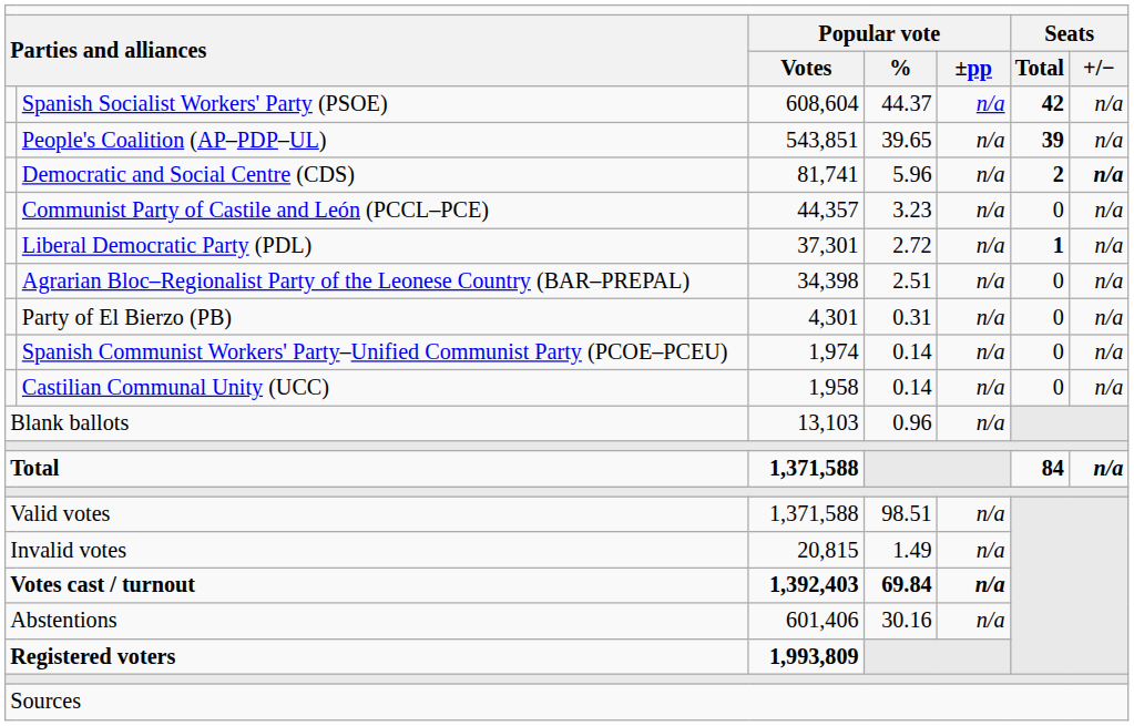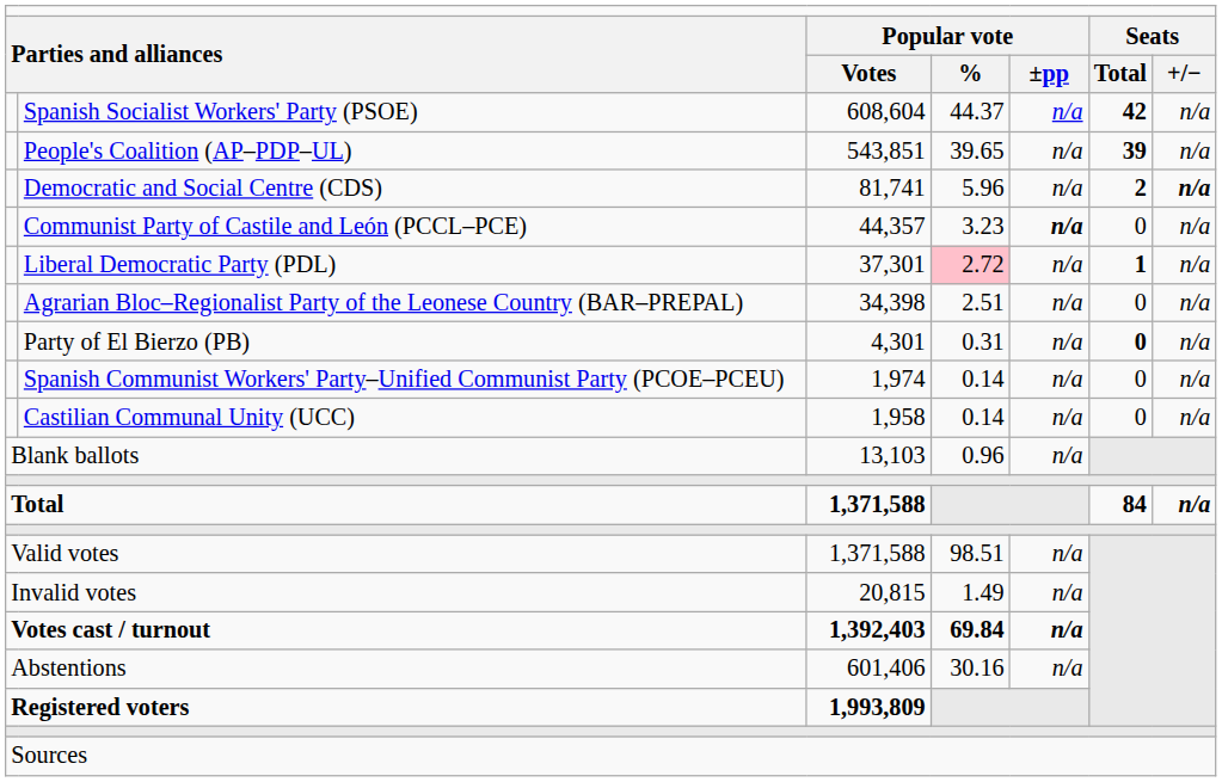 <table class="wikitable" style="text-align:right;">
 <tr>
 <td colspan="7"></td>
 </tr>
 <tr>
 <th style="text-align:left;" rowspan="2" colspan="2" width="525">Parties and alliances</th>
 <th colspan="3">Popular vote</th>
 <th colspan="2">Seats</th>
 </tr>
 <tr>
 <th width="75">Votes</th>
 <th width="45">%</th>
 <th width="45">±<a href='#'>pp</a></th>
 <th width="35">Total</th>
 <th width="35">+/−</th>
 </tr>
 <tr>
 <td width="1" style="color:inherit;background:"></td>
 <td align="left"><a href='#'>Spanish Socialist Workers' Party</a> (PSOE)</td>
 <td>608,604</td>
 <td>44.37</td>
 <td><em><a href='#'>n/a</a></em></td>
 <td><strong>42</strong></td>
 <td><em>n/a</em></td>
 </tr>
 <tr>
 <td style="color:inherit;background:"></td>
 <td align="left"><a href='#'>People's Coalition</a> (<a href='#'>AP</a>–<a href='#'>PDP</a>–<a href='#'>UL</a>)</td>
 <td>543,851</td>
 <td>39.65</td>
 <td><em>n/a</em></td>
 <td><strong>39</strong></td>
 <td><em>n/a</em></td>
 </tr>
 <tr>
 <td style="color:inherit;background:"></td>
 <td align="left"><a href='#'>Democratic and Social Centre</a> (CDS)</td>
 <td>81,741</td>
 <td>5.96</td>
 <td><em>n/a</em></td>
 <td><strong>2</strong></td>
 <td><strong><em>n/a</em></strong></td>
 </tr>
 <tr>
 <td style="color:inherit;background:"></td>
 <td align="left"><a href='#'>Communist Party of Castile and León</a> (PCCL–PCE)</td>
 <td>44,357</td>
 <td>3.23</td>
-<td><em>n/a</em></td>
+<td><strong><em>n/a</em></strong></td>
 <td>0</td>
 <td><em>n/a</em></td>
 </tr>
 <tr>
 <td style="color:inherit;background:"></td>
 <td align="left"><a href='#'>Liberal Democratic Party</a> (PDL)</td>
 <td>37,301</td>
-<td>2.72</td>
+<td style="background: pink;">2.72</td>
 <td><em>n/a</em></td>
 <td><strong>1</strong></td>
 <td><em>n/a</em></td>
 </tr>
 <tr>
 <td style="color:inherit;background:"></td>
 <td align="left"><a href='#'>Agrarian Bloc–Regionalist Party of the Leonese Country</a> (BAR–PREPAL)</td>
 <td>34,398</td>
 <td>2.51</td>
 <td><em>n/a</em></td>
 <td>0</td>
 <td><em>n/a</em></td>
 </tr>
 <tr>
 <td style="color:inherit;background:"></td>
 <td align="left">Party of El Bierzo (PB)</td>
 <td>4,301</td>
 <td>0.31</td>
 <td><em>n/a</em></td>
-<td>0</td>
+<td><strong>0</strong></td>
 <td><em>n/a</em></td>
 </tr>
 <tr>
 <td style="color:inherit;background:"></td>
 <td align="left"><a href='#'>Spanish Communist Workers' Party</a>–<a href='#'>Unified Communist Party</a> (PCOE–PCEU)</td>
 <td>1,974</td>
 <td>0.14</td>
 <td><em>n/a</em></td>
 <td>0</td>
 <td><em>n/a</em></td>
 </tr>
 <tr>
 <td style="color:inherit;background:"></td>
 <td align="left"><a href='#'>Castilian Communal Unity</a> (UCC)</td>
 <td>1,958</td>
 <td>0.14</td>
 <td><em>n/a</em></td>
 <td>0</td>
 <td><em>n/a</em></td>
 </tr>
 <tr>
 <td align="left" colspan="2">Blank ballots</td>
 <td>13,103</td>
 <td>0.96</td>
 <td><em>n/a</em></td>
 <td bgcolor="#E9E9E9" colspan="2"></td>
 </tr>
 <tr>
 <td colspan="7" bgcolor="#E9E9E9"></td>
 </tr>
 <tr style="font-weight:bold;">
 <td align="left" colspan="2">Total</td>
 <td>1,371,588</td>
 <td bgcolor="#E9E9E9" colspan="2"></td>
 <td>84</td>
 <td><em>n/a</em></td>
 </tr>
 <tr>
 <td colspan="7" bgcolor="#E9E9E9"></td>
 </tr>
 <tr>
 <td align="left" colspan="2">Valid votes</td>
 <td>1,371,588</td>
 <td>98.51</td>
 <td><em>n/a</em></td>
 <td bgcolor="#E9E9E9" colspan="2" rowspan="5"></td>
 </tr>
 <tr>
 <td align="left" colspan="2">Invalid votes</td>
 <td>20,815</td>
 <td>1.49</td>
 <td><em>n/a</em></td>
 </tr>
 <tr style="font-weight:bold;">
 <td align="left" colspan="2">Votes cast / turnout</td>
 <td>1,392,403</td>
 <td>69.84</td>
 <td><em>n/a</em></td>
 </tr>
 <tr>
 <td align="left" colspan="2">Abstentions</td>
 <td>601,406</td>
 <td>30.16</td>
 <td><em>n/a</em></td>
 </tr>
 <tr style="font-weight:bold;">
 <td align="left" colspan="2">Registered voters</td>
 <td>1,993,809</td>
 <td bgcolor="#E9E9E9" colspan="2"></td>
 </tr>
 <tr>
 <td colspan="7" bgcolor="#E9E9E9"></td>
 </tr>
 <tr>
 <td align="left" colspan="7">Sources</td>
 </tr>
 </table>
